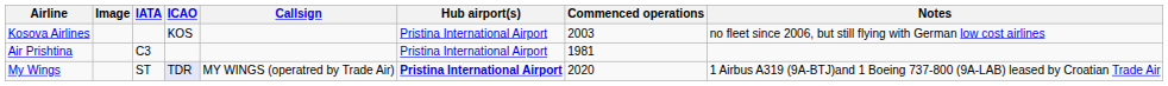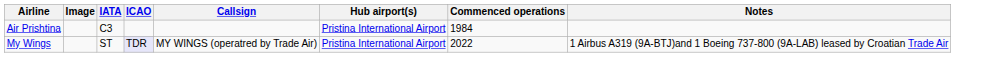 <table class="wikitable sortable" style="border: 0; cellpadding: 2; cellspacing: 3;">
 <tr valign="middle">
 <th>Airline</th>
 <th>Image</th>
 <th><a href='#'>IATA</a></th>
 <th><a href='#'>ICAO</a></th>
 <th><a href='#'>Callsign</a></th>
 <th>Hub airport(s)</th>
 <th>Commenced operations</th>
 <th class="unsortable">Notes</th>
 </tr>
 <tr>
-<td><a href='#'>Kosova Airlines</a></td>
-<td></td>
-<td></td>
-<td>KOS</td>
-<td></td>
-<td><a href='#'>Pristina International Airport</a></td>
-<td>2003</td>
-<td>no fleet since 2006, but still flying with German <a href='#'>low cost airlines</a></td>
-</tr>
-<tr>
 <td><a href='#'>Air Prishtina</a></td>
 <td></td>
 <td>C3</td>
 <td></td>
 <td></td>
 <td><a href='#'>Pristina International Airport</a></td>
-<td>1981</td>
+<td>1984</td>
 <td></td>
 </tr>
 <tr>
 <td><a href='#'>My Wings</a></td>
 <td></td>
 <td>ST</td>
 <td style="background: lavender;">TDR</td>
 <td>MY WINGS (operatred by Trade Air)</td>
-<td><strong><a href='#'>Pristina International Airport</a></strong></td>
-<td>2020</td>
+<td><a href='#'>Pristina International Airport</a></td>
+<td>2022</td>
 <td>1 Airbus A319 (9A-BTJ)and 1 Boeing 737-800 (9A-LAB) leased by Croatian <a href='#'>Trade Air</a></td>
 </tr>
 </table>
